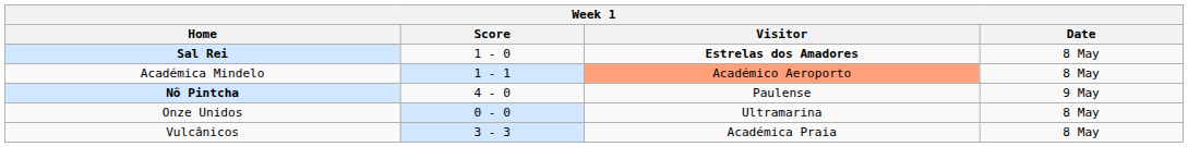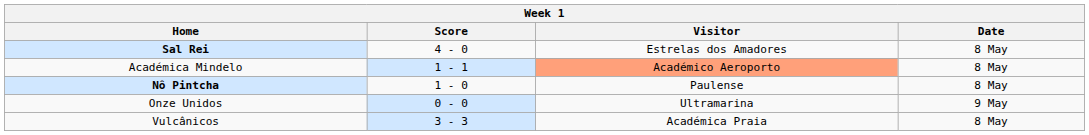 <table class="wikitable" style="font-size:95%; text-align: center; width: 95%;">
 <tr>
 <th colspan="12" style="with: 100%;" align=center>Week 1</th>
 </tr>
 <tr>
 <th width="200">Home</th>
 <th width="90">Score</th>
 <th width="200">Visitor</th>
 <th width="100">Date</th>
 </tr>
 <tr align=center>
 <td bgcolor=#D0E7FF><strong>Sal Rei</strong></td>
-<td>1 - 0</td>
-<td><strong>Estrelas dos Amadores</strong></td>
+<td>4 - 0</td>
+<td>Estrelas dos Amadores</td>
 <td>8 May</td>
 </tr>
 <tr align=center>
 <td>Académica Mindelo</td>
 <td bgcolor=#D0E7FF>1 - 1</td>
 <td style="background: lightsalmon;">Académico Aeroporto</td>
 <td>8 May</td>
 </tr>
 <tr align=center>
 <td bgcolor=#D0E7FF><strong>Nô Pintcha</strong></td>
-<td>4 - 0</td>
+<td>1 - 0</td>
 <td>Paulense</td>
-<td>9 May</td>
+<td>8 May</td>
 </tr>
 <tr align=center>
 <td>Onze Unidos</td>
 <td bgcolor=#D0E7FF>0 - 0</td>
 <td>Ultramarina</td>
-<td>8 May</td>
+<td>9 May</td>
 </tr>
 <tr align=center>
 <td>Vulcânicos</td>
 <td bgcolor=#D0E7FF>3 - 3</td>
 <td>Académica Praia</td>
 <td>8 May</td>
 </tr>
 </table>
